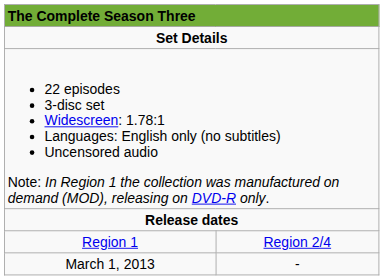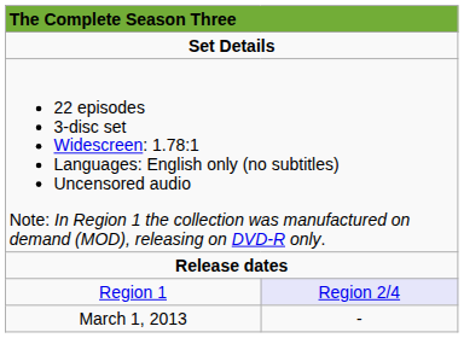 <table class="wikitable" style="font-size: 95%;">
 <tr>
 <td colspan="5" style="background:#72ad37;"><strong>The Complete Season Three</strong></td>
 </tr>
 <tr valign="top">
 <td style="text-align:center; width:400px;" colspan="3"><strong>Set Details</strong></td>
 </tr>
 <tr valign="top">
 <td colspan="3"  style="text-align:left; width:400px;"><br><ul><li>22 episodes</li><li>3-disc set</li><li><a href='#'>Widescreen</a>: 1.78:1</li><li>Languages: English only (no subtitles)</li><li>Uncensored audio</li></ul>Note: <em>In Region 1 the collection was manufactured on demand (MOD), releasing on <a href='#'>DVD-R</a> only</em>.</td>
 </tr>
 <tr>
 <td colspan="3" style="text-align:center;"><strong>Release dates</strong></td>
 </tr>
 <tr>
 <td style="text-align:center;"><a href='#'>Region 1</a></td>
-<td style="text-align:center;"><a href='#'>Region 2/4</a></td>
+<td style="background: lavender; text-align:center;"><a href='#'>Region 2/4</a></td>
 </tr>
 <tr style="text-align:center;">
 <td>March 1, 2013</td>
 <td>-</td>
 </tr>
 </table>
